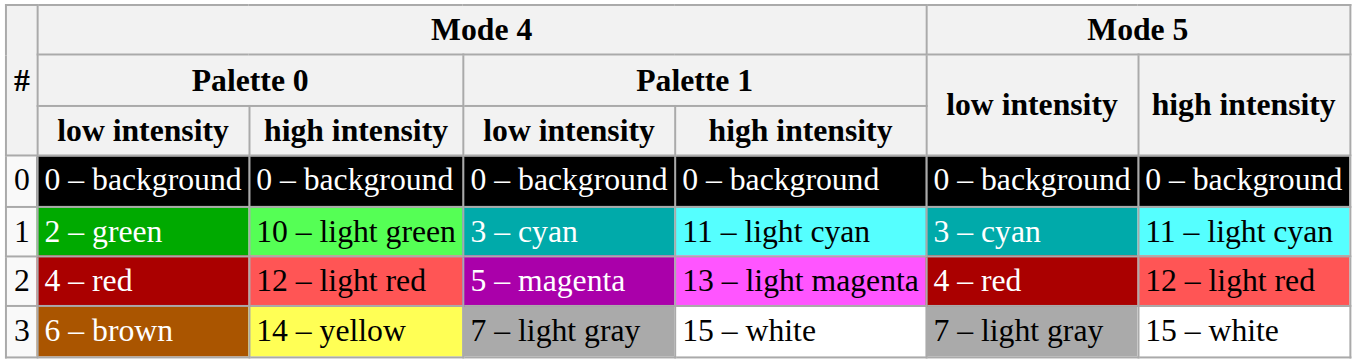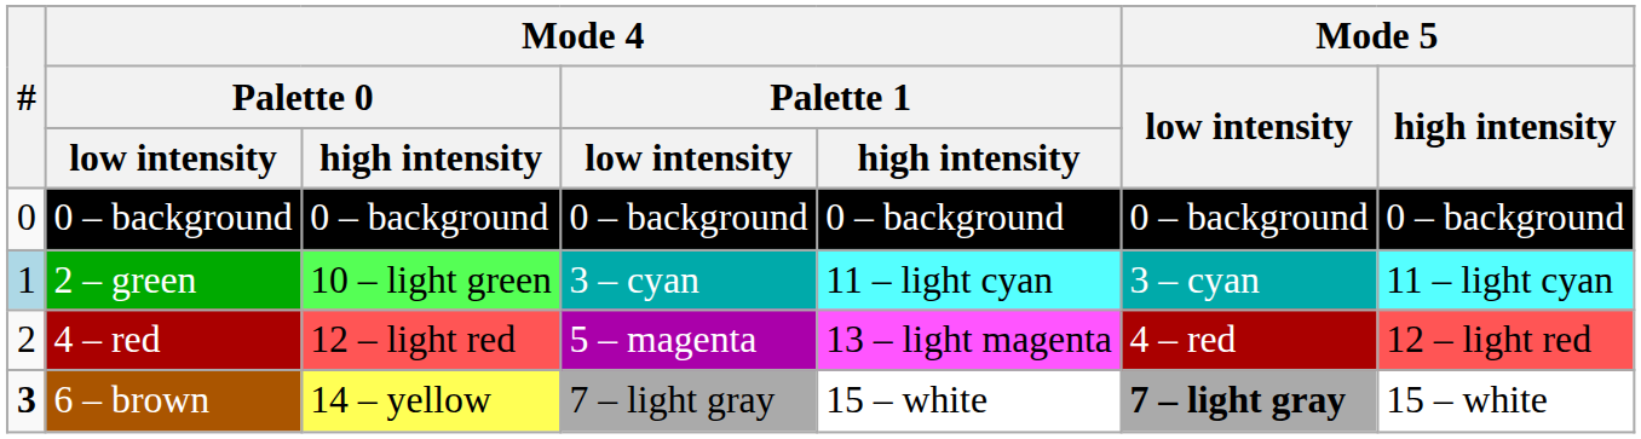 <table class="wikitable" style="margin:0 auto">
 <tr>
 <th rowspan="3">#</th>
 <th colspan="4">Mode 4</th>
 <th colspan="2">Mode 5</th>
 </tr>
 <tr>
 <th colspan="2">Palette 0</th>
 <th colspan="2">Palette 1</th>
 <th rowspan="2">low intensity</th>
 <th rowspan="2">high intensity</th>
 </tr>
 <tr>
 <th>low intensity</th>
 <th>high intensity</th>
 <th>low intensity</th>
 <th>high intensity</th>
 </tr>
 <tr>
 <td>0</td>
 <td style="color:white; background:#000;">0 – background</td>
 <td style="color:white; background:#000;">0 – background</td>
 <td style="color:white; background:#000;">0 – background</td>
 <td style="color:white; background:#000;">0 – background</td>
 <td style="color:white; background:#000;">0 – background</td>
 <td style="color:white; background:#000;">0 – background</td>
 </tr>
 <tr>
-<td>1</td>
+<td style="background: lightblue;">1</td>
 <td style="color:white; background:#0a0;">2 – green</td>
 <td style="color:black; background:#5f5;">10 – light green</td>
 <td style="color:white; background:#0aa;">3 – cyan</td>
 <td style="color:black; background:#5ff;">11 – light cyan</td>
 <td style="color:white; background:#0aa;">3 – cyan</td>
 <td style="color:black; background:#5ff;">11 – light cyan</td>
 </tr>
 <tr>
 <td>2</td>
 <td style="color:white; background:#a00;">4 – red</td>
 <td style="color:black; background:#f55;">12 – light red</td>
 <td style="color:white; background:#a0a;">5 – magenta</td>
 <td style="color:black; background:#f5f;">13 – light magenta</td>
 <td style="color:white; background:#a00;">4 – red</td>
 <td style="color:black; background:#f55;">12 – light red</td>
 </tr>
 <tr>
-<td>3</td>
+<td><strong>3</strong></td>
 <td style="color:white; background:#a50;">6 – brown</td>
 <td style="color:black; background:#ff5;">14 – yellow</td>
 <td style="color:black; background:#aaa;">7 – light gray</td>
 <td style="color:black; background:#fff;">15 – white</td>
-<td style="color:black; background:#aaa;">7 – light gray</td>
+<td style="color:black; background:#aaa;"><strong>7 – light gray</strong></td>
 <td style="color:black; background:#fff;">15 – white</td>
 </tr>
 </table>
